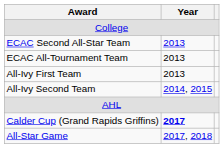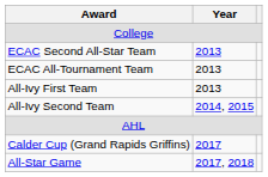 <table class="wikitable">
 <tr>
 <th>Award</th>
 <th>Year</th>
 <th></th>
 </tr>
 <tr ALIGN="center" bgcolor="#e0e0e0">
 <td colspan="3"><a href='#'>College</a></td>
 </tr>
 <tr>
 <td><a href='#'>ECAC</a> Second All-Star Team</td>
 <td><a href='#'>2013</a></td>
 <td></td>
 </tr>
 <tr>
 <td>ECAC All-Tournament Team</td>
 <td>2013</td>
 <td></td>
 </tr>
 <tr>
 <td>All-Ivy First Team</td>
 <td>2013</td>
 <td></td>
 </tr>
 <tr>
 <td>All-Ivy Second Team</td>
 <td><a href='#'>2014</a>, <a href='#'>2015</a></td>
 <td></td>
 </tr>
 <tr ALIGN="center" bgcolor="#e0e0e0">
 <td colspan="3"><a href='#'>AHL</a></td>
 </tr>
 <tr>
 <td><a href='#'>Calder Cup</a> (Grand Rapids Griffins)</td>
-<td><strong><a href='#'>2017</a></strong></td>
+<td><a href='#'>2017</a></td>
 <td></td>
 </tr>
 <tr>
 <td><a href='#'>All-Star Game</a></td>
 <td><a href='#'>2017</a>, <a href='#'>2018</a></td>
 <td></td>
 </tr>
 </table>
